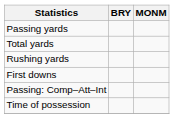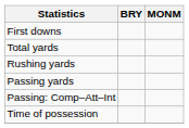 <table class="wikitable" style="float: left;">
 <tr>
 <th>Statistics</th>
 <th>BRY</th>
 <th>MONM</th>
 </tr>
 <tr>
-<td>Passing yards</td>
+<td>First downs</td>
 <td></td>
 <td></td>
 </tr>
 <tr>
 <td>Total yards</td>
 <td></td>
 <td></td>
 </tr>
 <tr>
 <td>Rushing yards</td>
 <td></td>
 <td></td>
 </tr>
 <tr>
-<td>First downs</td>
+<td>Passing yards</td>
 <td></td>
 <td></td>
 </tr>
 <tr>
 <td>Passing: Comp–Att–Int</td>
 <td></td>
 <td></td>
 </tr>
 <tr>
 <td>Time of possession</td>
 <td></td>
 <td></td>
 </tr>
 <tr>
 </tr>
 </table>
